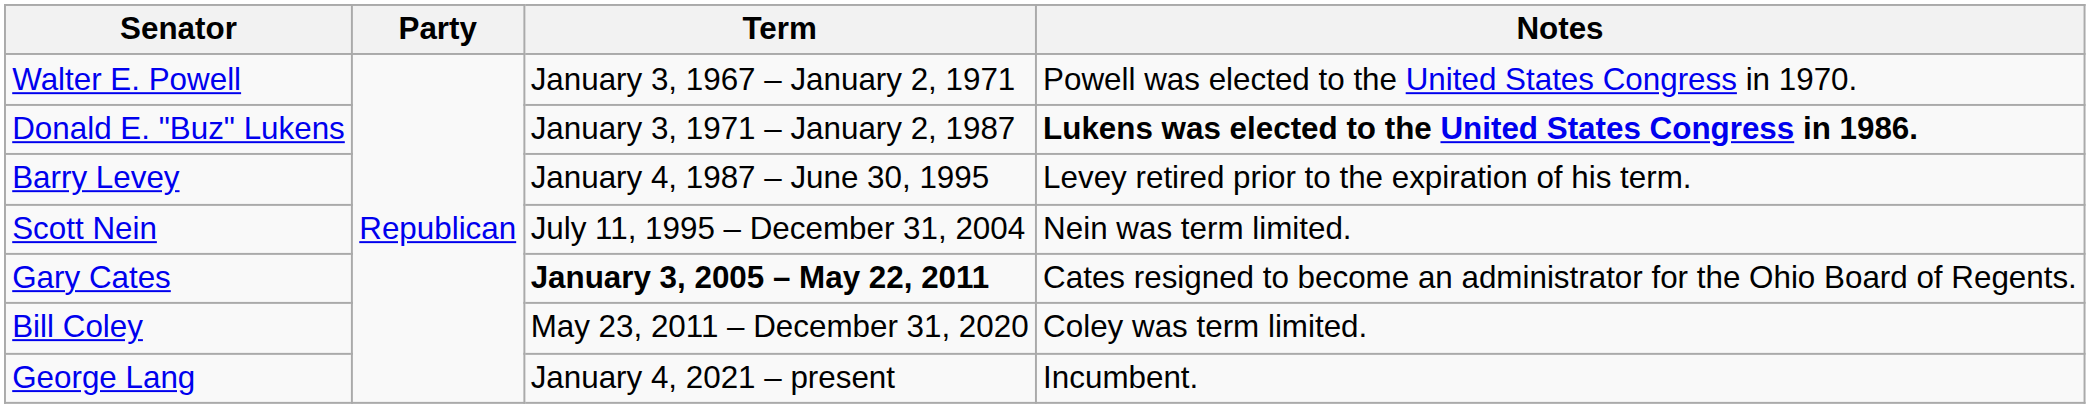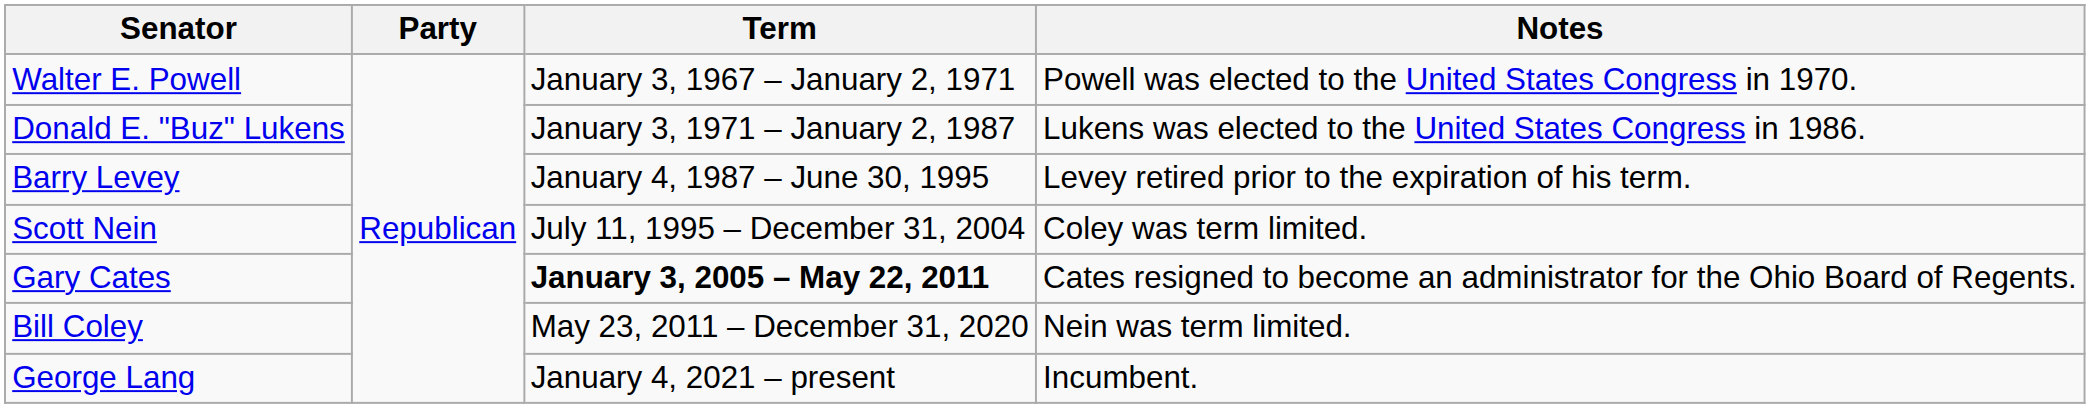 <table class=wikitable>
 <tr valign=bottom>
 <th>Senator</th>
 <th>Party</th>
 <th>Term</th>
 <th>Notes</th>
 </tr>
 <tr>
 <td><a href='#'>Walter E. Powell</a></td>
 <td rowspan=7 ><a href='#'>Republican</a></td>
 <td>January 3, 1967 – January 2, 1971</td>
 <td>Powell was elected to the <a href='#'>United States Congress</a> in 1970.</td>
 </tr>
 <tr>
 <td><a href='#'>Donald E. "Buz" Lukens</a></td>
 <td>January 3, 1971 – January 2, 1987</td>
-<td><strong>Lukens was elected to the <a href='#'>United States Congress</a> in 1986.</strong></td>
+<td>Lukens was elected to the <a href='#'>United States Congress</a> in 1986.</td>
 </tr>
 <tr>
 <td><a href='#'>Barry Levey</a></td>
 <td>January 4, 1987 – June 30, 1995</td>
 <td>Levey retired prior to the expiration of his term.</td>
 </tr>
 <tr>
 <td><a href='#'>Scott Nein</a></td>
 <td>July 11, 1995 – December 31, 2004</td>
-<td>Nein was term limited.</td>
+<td>Coley was term limited.</td>
 </tr>
 <tr>
 <td><a href='#'>Gary Cates</a></td>
 <td><strong>January 3, 2005 – May 22, 2011</strong></td>
 <td>Cates resigned to become an administrator for the Ohio Board of Regents.</td>
 </tr>
 <tr>
 <td><a href='#'>Bill Coley</a></td>
 <td>May 23, 2011 – December 31, 2020</td>
-<td>Coley was term limited.</td>
+<td>Nein was term limited.</td>
 </tr>
 <tr>
 <td><a href='#'>George Lang</a></td>
 <td>January 4, 2021 – present</td>
 <td>Incumbent.</td>
 </tr>
 </table>
